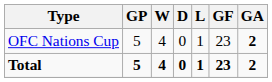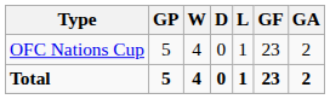 <table class="wikitable">
 <tr>
 <th>Type</th>
 <th>GP</th>
 <th>W</th>
 <th>D</th>
 <th>L</th>
 <th>GF</th>
 <th>GA</th>
 </tr>
 <tr>
 <td align=left><a href='#'>OFC Nations Cup</a></td>
 <td align=center>5</td>
 <td align=center>4</td>
 <td align=center>0</td>
 <td align=center>1</td>
 <td align=center>23</td>
-<td align=center><strong>2</strong></td>
+<td align=center>2</td>
 </tr>
 <tr>
 <td><strong>Total</strong></td>
 <td align=center><strong>5</strong></td>
 <td align=center><strong>4</strong></td>
 <td align=center><strong>0</strong></td>
 <td align=center><strong>1</strong></td>
 <td align=center><strong>23</strong></td>
 <td align=center><strong>2</strong></td>
 </tr>
 <tr>
 </tr>
 </table>
